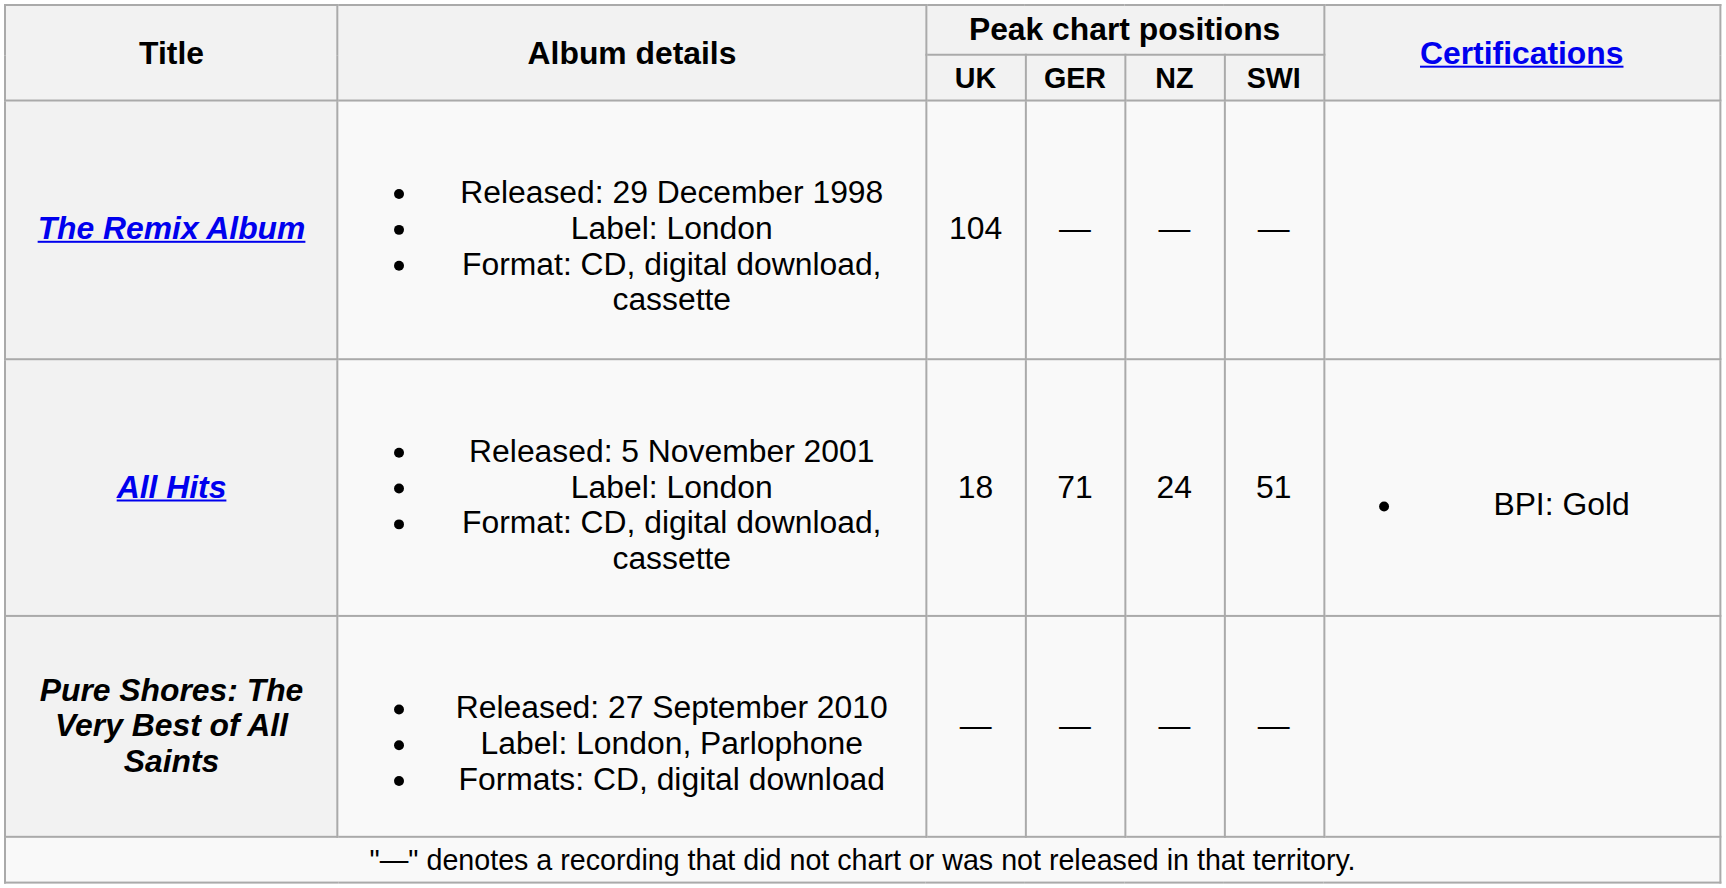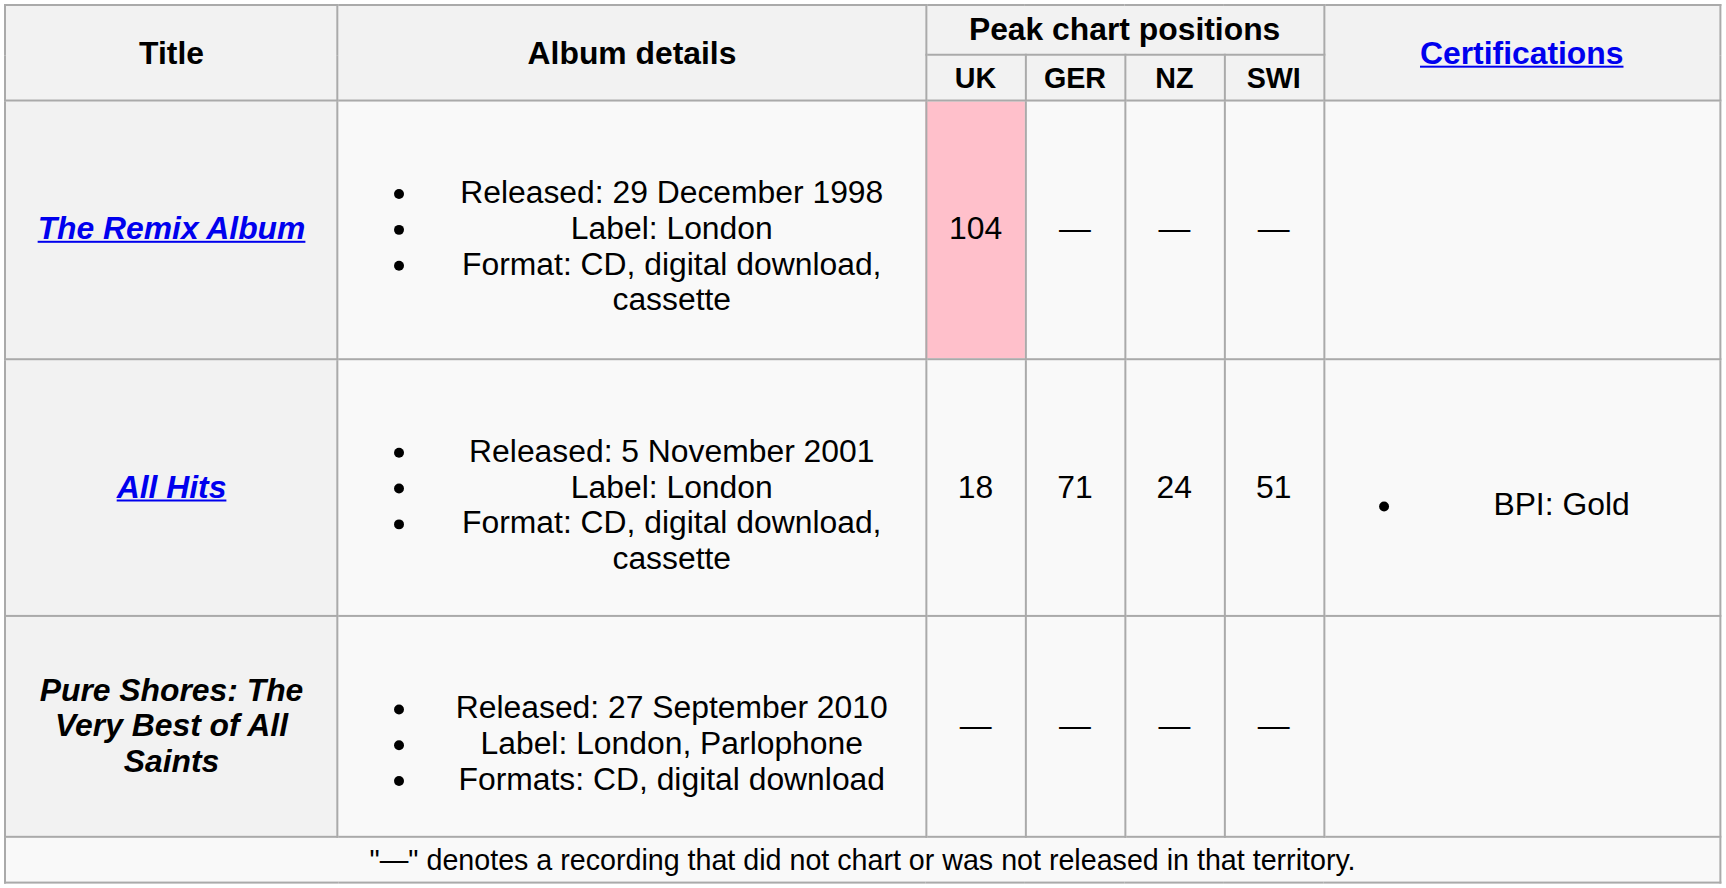 <table class="wikitable plainrowheaders" style="text-align:center;">
 <tr>
 <th scope="col" rowspan="2" style="width:10em;">Title</th>
 <th scope="col" rowspan="2" style="width:18em;">Album details</th>
 <th scope="col" colspan="4">Peak chart positions</th>
 <th scope="col" rowspan="2" style="width:12em;"><a href='#'>Certifications</a></th>
 </tr>
 <tr>
 <th style="width:3em;font-size:90%">UK<br></th>
 <th style="width:3em;font-size:90%">GER<br></th>
 <th style="width:3em;font-size:90%">NZ<br></th>
 <th style="width:3em;font-size:90%">SWI<br></th>
 </tr>
 <tr>
 <th scope="row"><em><a href='#'>The Remix Album</a></em></th>
 <td><br><ul><li>Released: 29 December 1998</li><li>Label: London</li><li>Format: CD, digital download, cassette</li></ul></td>
-<td>104</td>
+<td style="background: pink;">104</td>
 <td>—</td>
 <td>—</td>
 <td>—</td>
 <td></td>
 </tr>
 <tr>
 <th scope="row"><em><a href='#'>All Hits</a></em></th>
 <td><br><ul><li>Released: 5 November 2001</li><li>Label: London</li><li>Format: CD, digital download, cassette</li></ul></td>
 <td>18</td>
 <td>71</td>
 <td>24</td>
 <td>51</td>
 <td><br><ul><li>BPI: Gold</li></ul></td>
 </tr>
 <tr>
 <th scope="row"><em>Pure Shores: The Very Best of All Saints</em></th>
 <td><br><ul><li>Released: 27 September 2010</li><li>Label: London, Parlophone</li><li>Formats: CD, digital download</li></ul></td>
 <td>—</td>
 <td>—</td>
 <td>—</td>
 <td>—</td>
 <td></td>
 </tr>
 <tr>
 <td colspan="14" style="font-size:90%">"—" denotes a recording that did not chart or was not released in that territory.</td>
 </tr>
 </table>
